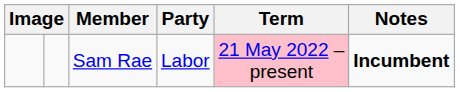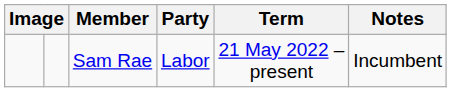 <table class=wikitable style="text-align:center">
 <tr>
 <th colspan=2>Image</th>
 <th>Member</th>
 <th>Party</th>
 <th>Term</th>
 <th>Notes</th>
 </tr>
 <tr>
 <td> </td>
 <td></td>
 <td><a href='#'>Sam Rae</a><br></td>
 <td><a href='#'>Labor</a></td>
-<td nowrap style="background: pink;"><a href='#'>21 May 2022</a> –<br>present</td>
-<td><strong>Incumbent</strong></td>
+<td nowrap><a href='#'>21 May 2022</a> –<br>present</td>
+<td>Incumbent</td>
 </tr>
 </table>
